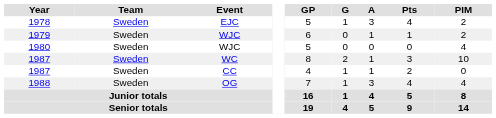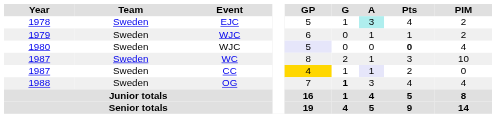 <table border="0" cellpadding="1" cellspacing="0" style="text-align:center; width:50em">
 <tr ALIGN="center" bgcolor="#e0e0e0">
 <th>Year</th>
 <th>Team</th>
 <th>Event</th>
 <th rowspan="99" bgcolor="#ffffff"> </th>
 <th>GP</th>
 <th>G</th>
 <th>A</th>
 <th>Pts</th>
 <th>PIM</th>
 </tr>
 <tr>
 <td><a href='#'>1978</a></td>
 <td><a href='#'>Sweden</a></td>
 <td><a href='#'>EJC</a></td>
 <td>5</td>
 <td>1</td>
-<td>3</td>
+<td style="background: paleturquoise;">3</td>
 <td>4</td>
 <td>2</td>
 </tr>
 <tr bgcolor="#f0f0f0">
 <td><a href='#'>1979</a></td>
 <td>Sweden</td>
 <td><a href='#'>WJC</a></td>
 <td>6</td>
 <td>0</td>
 <td>1</td>
 <td>1</td>
 <td>2</td>
 </tr>
 <tr>
 <td><a href='#'>1980</a></td>
 <td>Sweden</td>
 <td>WJC</td>
-<td>5</td>
+<td style="background: lavender;">5</td>
 <td>0</td>
 <td>0</td>
-<td>0</td>
+<td><strong>0</strong></td>
 <td>4</td>
 </tr>
 <tr bgcolor="#f0f0f0">
 <td><a href='#'>1987</a></td>
 <td><a href='#'>Sweden</a></td>
 <td><a href='#'>WC</a></td>
 <td>8</td>
 <td>2</td>
 <td>1</td>
 <td>3</td>
 <td>10</td>
 </tr>
 <tr>
 <td><a href='#'>1987</a></td>
 <td>Sweden</td>
 <td><a href='#'>CC</a></td>
-<td>4</td>
+<td style="background: gold;">4</td>
 <td>1</td>
-<td>1</td>
+<td style="background: lavender;">1</td>
 <td>2</td>
 <td>0</td>
 </tr>
 <tr bgcolor="#f0f0f0">
 <td><a href='#'>1988</a></td>
 <td>Sweden</td>
 <td><a href='#'>OG</a></td>
 <td>7</td>
-<td>1</td>
+<td><strong>1</strong></td>
 <td>3</td>
 <td>4</td>
 <td>4</td>
 </tr>
 <tr bgcolor="#e0e0e0">
 <th colspan=3>Junior totals</th>
 <th>16</th>
 <th>1</th>
 <th>4</th>
 <th>5</th>
 <th>8</th>
 </tr>
 <tr bgcolor="#e0e0e0">
 <th colspan=3>Senior totals</th>
 <th>19</th>
 <th>4</th>
 <th>5</th>
 <th>9</th>
 <th>14</th>
 </tr>
 </table>
